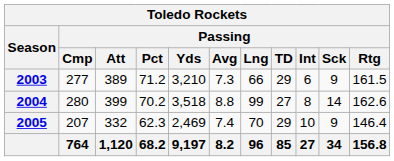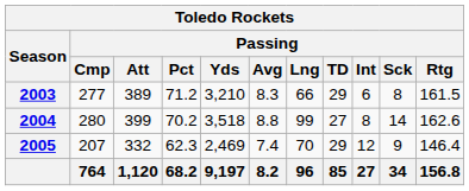 <table class="wikitable sortable;" style="text-align: center;">
 <tr>
 <th colspan="16">Toledo Rockets</th>
 </tr>
 <tr>
 <th rowspan="2">Season</th>
 <th colspan="10">Passing</th>
 </tr>
 <tr>
 <th>Cmp</th>
 <th>Att</th>
 <th>Pct</th>
 <th>Yds</th>
 <th>Avg</th>
 <th>Lng</th>
 <th>TD</th>
 <th>Int</th>
 <th>Sck</th>
 <th>Rtg</th>
 </tr>
 <tr>
 <th><a href='#'>2003</a></th>
 <td>277</td>
 <td>389</td>
 <td>71.2</td>
 <td>3,210</td>
-<td>7.3</td>
+<td>8.3</td>
 <td>66</td>
 <td>29</td>
 <td>6</td>
-<td>9</td>
+<td>8</td>
 <td>161.5</td>
 </tr>
 <tr>
 <th><a href='#'>2004</a></th>
 <td>280</td>
 <td>399</td>
 <td>70.2</td>
 <td>3,518</td>
 <td>8.8</td>
 <td>99</td>
 <td>27</td>
 <td>8</td>
 <td>14</td>
 <td>162.6</td>
 </tr>
 <tr>
 <th><a href='#'>2005</a></th>
 <td>207</td>
 <td>332</td>
 <td>62.3</td>
 <td>2,469</td>
 <td>7.4</td>
 <td>70</td>
 <td>29</td>
-<td>10</td>
+<td>12</td>
 <td>9</td>
 <td>146.4</td>
 </tr>
 <tr>
 <th></th>
 <th>764</th>
 <th>1,120</th>
 <th>68.2</th>
 <th>9,197</th>
 <th>8.2</th>
 <th>96</th>
 <th>85</th>
 <th>27</th>
 <th>34</th>
 <th>156.8</th>
 </tr>
 </table>
